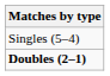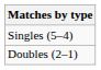 <table class="wikitable" style=font-size:90%>
 <tr>
 <th>Matches by type</th>
 </tr>
 <tr>
 <td>Singles (5–4)</td>
 </tr>
 <tr>
-<td><strong>Doubles (2–1)</strong></td>
+<td>Doubles (2–1)</td>
 </tr>
 </table>
